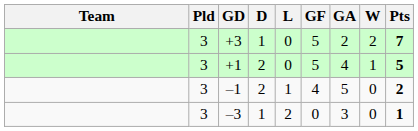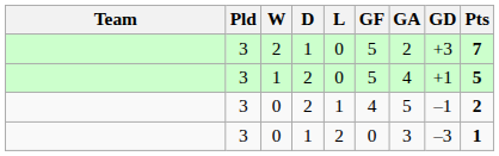 <table class="wikitable" style="text-align: center;">
 <tr>
 <th width="185">Team</th>
 <th width="20">Pld</th>
-<th width="20">GD</th>
+<th width="20">W</th>
 <th width="20">D</th>
 <th width="20">L</th>
 <th width="20">GF</th>
 <th width="20">GA</th>
-<th width="20">W</th>
+<th width="20">GD</th>
 <th width="20">Pts</th>
 </tr>
 <tr bgcolor=#ccffcc>
 <td align="left"></td>
 <td>3</td>
-<td>+3</td>
+<td>2</td>
 <td>1</td>
 <td>0</td>
 <td>5</td>
 <td>2</td>
-<td>2</td>
+<td>+3</td>
 <td><strong>7</strong></td>
 </tr>
 <tr bgcolor=#ccffcc>
 <td align="left"></td>
 <td>3</td>
-<td>+1</td>
+<td>1</td>
 <td>2</td>
 <td>0</td>
 <td>5</td>
 <td>4</td>
-<td>1</td>
+<td>+1</td>
 <td><strong>5</strong></td>
 </tr>
 <tr>
 <td align="left"></td>
 <td>3</td>
-<td>–1</td>
+<td>0</td>
 <td>2</td>
 <td>1</td>
 <td>4</td>
 <td>5</td>
-<td>0</td>
+<td>–1</td>
 <td><strong>2</strong></td>
 </tr>
 <tr>
 <td align="left"></td>
 <td>3</td>
-<td>–3</td>
+<td>0</td>
 <td>1</td>
 <td>2</td>
 <td>0</td>
 <td>3</td>
-<td>0</td>
+<td>–3</td>
 <td><strong>1</strong></td>
 </tr>
 </table>
